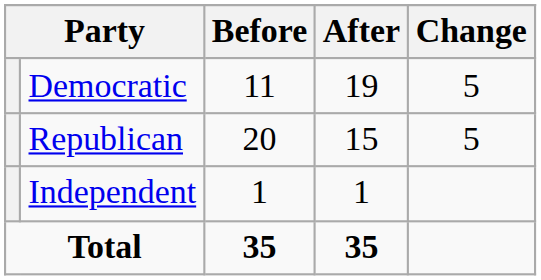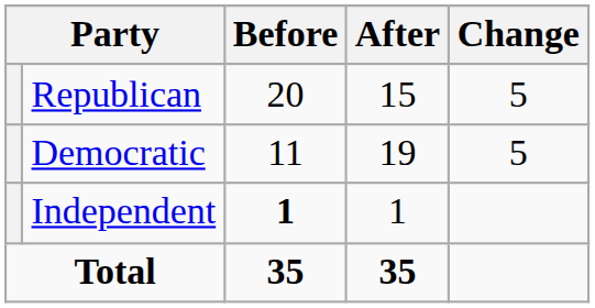 <table class="wikitable" style="text-align:center;">
 <tr>
 </tr>
 <tr>
 <th colspan=2>Party</th>
 <th>Before</th>
 <th>After</th>
 <th>Change</th>
 </tr>
 <tr>
 <th style="background-color:"></th>
+<td style="text-align:left;"><a href='#'>Republican</a></td>
+<td>20</td>
+<td>15</td>
+<td> 5</td>
+</tr>
+<tr>
+<th style="background-color:"></th>
 <td style="text-align:left;"><a href='#'>Democratic</a></td>
 <td>11</td>
 <td>19</td>
 <td> 5</td>
 </tr>
 <tr>
 <th style="background-color:"></th>
-<td style="text-align:left;"><a href='#'>Republican</a></td>
-<td>20</td>
-<td>15</td>
-<td> 5</td>
-</tr>
-<tr>
-<th style="background-color:"></th>
 <td style="text-align:left;"><a href='#'>Independent</a></td>
-<td>1</td>
+<td><strong>1</strong></td>
 <td>1</td>
 <td></td>
 </tr>
 <tr>
 <td colspan=2><strong>Total</strong></td>
 <td><strong>35</strong></td>
 <td><strong>35</strong></td>
 <td></td>
 </tr>
 </table>
